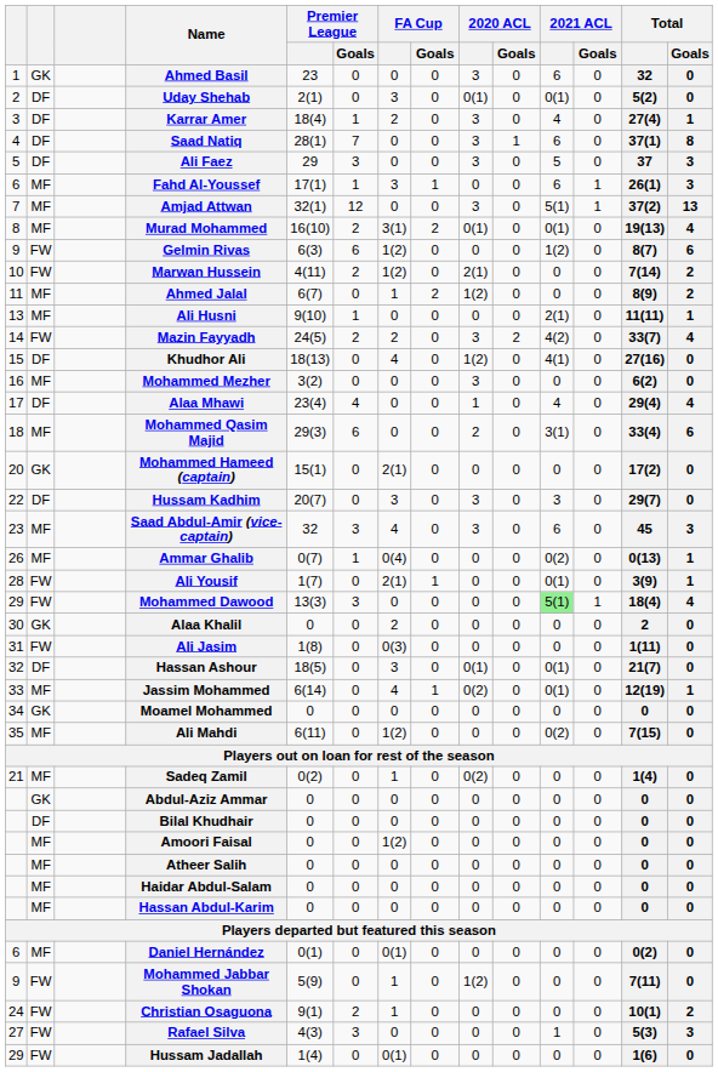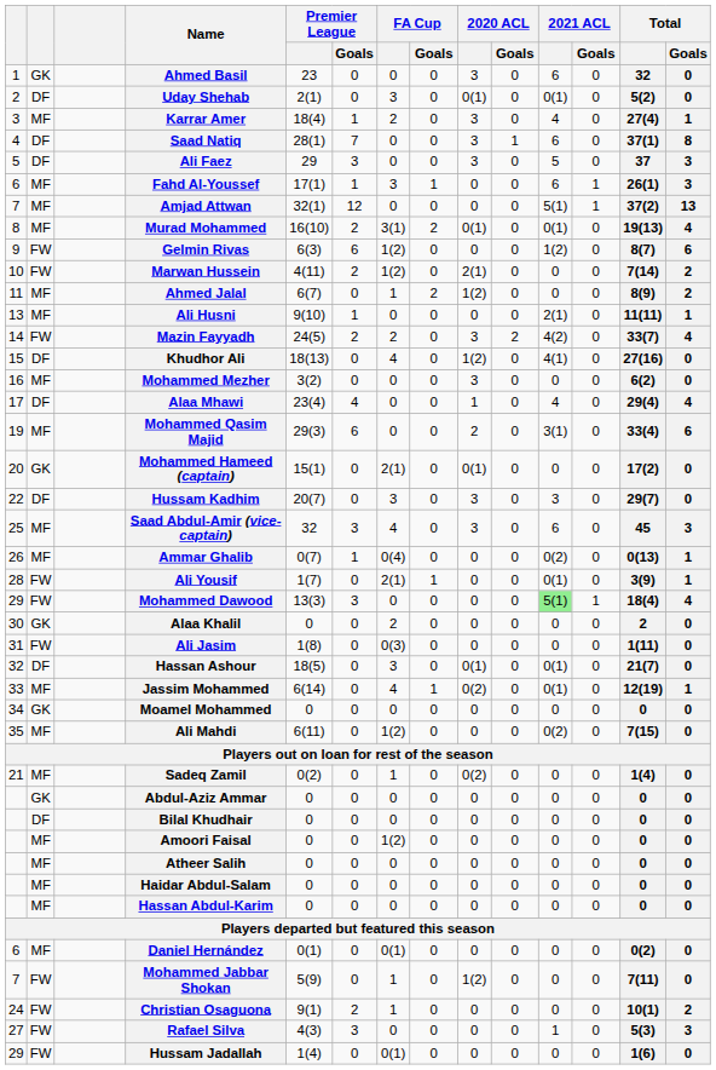 <table class="wikitable sortable plainrowheaders" style="text-align:center">
 <tr>
 <th rowspan="2"></th>
 <th rowspan="2"></th>
 <th rowspan="2" style="width:75px;"></th>
 <th rowspan="2" style="width:180px;">Name</th>
 <th colspan="2" style="width:87px;"><a href='#'>Premier League</a></th>
 <th colspan="2" style="width:87px;"><a href='#'>FA Cup</a></th>
 <th colspan="2" style="width:87px;"><a href='#'>2020 ACL</a></th>
 <th colspan="2" style="width:87px;"><a href='#'>2021 ACL</a></th>
 <th colspan="2" style="width:87px;">Total</th>
 </tr>
 <tr>
 <th></th>
 <th>Goals</th>
 <th></th>
 <th>Goals</th>
 <th></th>
 <th>Goals</th>
 <th></th>
 <th>Goals</th>
 <th></th>
 <th>Goals</th>
 </tr>
 <tr>
 <td>1</td>
 <td>GK</td>
 <td></td>
 <th scope="row"><a href='#'>Ahmed Basil</a><br></th>
 <td>23</td>
 <td>0<br></td>
 <td>0</td>
 <td>0<br></td>
 <td>3</td>
 <td>0<br></td>
 <td>6</td>
 <td>0<br></td>
 <th>32</th>
 <th>0</th>
 </tr>
 <tr>
 <td>2</td>
 <td>DF</td>
 <td></td>
 <th scope="row"><a href='#'>Uday Shehab</a><br></th>
 <td>2(1)</td>
 <td>0<br></td>
 <td>3</td>
 <td>0<br></td>
 <td>0(1)</td>
 <td>0<br></td>
 <td>0(1)</td>
 <td>0<br></td>
 <th>5(2)</th>
 <th>0</th>
 </tr>
 <tr>
 <td>3</td>
-<td>DF</td>
+<td>MF</td>
 <td></td>
 <th scope="row"><a href='#'>Karrar Amer</a><br></th>
 <td>18(4)</td>
 <td>1<br></td>
 <td>2</td>
 <td>0<br></td>
 <td>3</td>
 <td>0<br></td>
 <td>4</td>
 <td>0<br></td>
 <th>27(4)</th>
 <th>1</th>
 </tr>
 <tr>
 <td>4</td>
 <td>DF</td>
 <td></td>
 <th scope="row"><a href='#'>Saad Natiq</a><br></th>
 <td>28(1)</td>
 <td>7<br></td>
 <td>0</td>
 <td>0<br></td>
 <td>3</td>
 <td>1<br></td>
 <td>6</td>
 <td>0<br></td>
 <th>37(1)</th>
 <th>8</th>
 </tr>
 <tr>
 <td>5</td>
 <td>DF</td>
 <td></td>
 <th scope="row"><a href='#'>Ali Faez</a><br></th>
 <td>29</td>
 <td>3<br></td>
 <td>0</td>
 <td>0<br></td>
 <td>3</td>
 <td>0<br></td>
 <td>5</td>
 <td>0<br></td>
 <th>37</th>
 <th>3</th>
 </tr>
 <tr>
 <td>6</td>
 <td>MF</td>
 <td></td>
 <th scope="row"><a href='#'>Fahd Al-Youssef</a><br></th>
 <td>17(1)</td>
 <td>1<br></td>
 <td>3</td>
 <td>1<br></td>
 <td>0</td>
 <td>0<br></td>
 <td>6</td>
 <td>1<br></td>
 <th>26(1)</th>
 <th>3</th>
 </tr>
 <tr>
 <td>7</td>
 <td>MF</td>
 <td></td>
 <th scope="row"><a href='#'>Amjad Attwan</a><br></th>
 <td>32(1)</td>
 <td>12<br></td>
 <td>0</td>
 <td>0<br></td>
-<td>3</td>
+<td>0</td>
 <td>0<br></td>
 <td>5(1)</td>
 <td>1<br></td>
 <th>37(2)</th>
 <th>13</th>
 </tr>
 <tr>
 <td>8</td>
 <td>MF</td>
 <td></td>
 <th scope="row"><a href='#'>Murad Mohammed</a><br></th>
 <td>16(10)</td>
 <td>2<br></td>
 <td>3(1)</td>
 <td>2<br></td>
 <td>0(1)</td>
 <td>0<br></td>
 <td>0(1)</td>
 <td>0<br></td>
 <th>19(13)</th>
 <th>4</th>
 </tr>
 <tr>
 <td>9</td>
 <td>FW</td>
 <td></td>
 <th scope="row"><a href='#'>Gelmin Rivas</a><br></th>
 <td>6(3)</td>
 <td>6<br></td>
 <td>1(2)</td>
 <td>0<br></td>
 <td>0</td>
 <td>0<br></td>
 <td>1(2)</td>
 <td>0<br></td>
 <th>8(7)</th>
 <th>6</th>
 </tr>
 <tr>
 <td>10</td>
 <td>FW</td>
 <td></td>
 <th scope="row"><a href='#'>Marwan Hussein</a><br></th>
 <td>4(11)</td>
 <td>2<br></td>
 <td>1(2)</td>
 <td>0<br></td>
 <td>2(1)</td>
 <td>0<br></td>
 <td>0</td>
 <td>0<br></td>
 <th>7(14)</th>
 <th>2</th>
 </tr>
 <tr>
 <td>11</td>
 <td>MF</td>
 <td></td>
 <th scope="row"><a href='#'>Ahmed Jalal</a><br></th>
 <td>6(7)</td>
 <td>0<br></td>
 <td>1</td>
 <td>2<br></td>
 <td>1(2)</td>
 <td>0<br></td>
 <td>0</td>
 <td>0<br></td>
 <th>8(9)</th>
 <th>2<br>     </th>
 </tr>
 <tr>
 <td>13</td>
 <td>MF</td>
 <td></td>
 <th scope="row"><a href='#'>Ali Husni</a><br></th>
 <td>9(10)</td>
 <td>1<br></td>
 <td>0</td>
 <td>0<br></td>
 <td>0</td>
 <td>0<br></td>
 <td>2(1)</td>
 <td>0<br></td>
 <th>11(11)</th>
 <th>1</th>
 </tr>
 <tr>
 <td>14</td>
 <td>FW</td>
 <td></td>
 <th scope="row"><a href='#'>Mazin Fayyadh</a><br></th>
 <td>24(5)</td>
 <td>2<br></td>
 <td>2</td>
 <td>0<br></td>
 <td>3</td>
 <td>2<br></td>
 <td>4(2)</td>
 <td>0<br></td>
 <th>33(7)</th>
 <th>4</th>
 </tr>
 <tr>
 <td>15</td>
 <td>DF</td>
 <td></td>
 <th scope="row">Khudhor Ali<br></th>
 <td>18(13)</td>
 <td>0<br></td>
 <td>4</td>
 <td>0<br></td>
 <td>1(2)</td>
 <td>0<br></td>
 <td>4(1)</td>
 <td>0<br></td>
 <th>27(16)</th>
 <th>0</th>
 </tr>
 <tr>
 <td>16</td>
 <td>MF</td>
 <td></td>
 <th scope="row"><a href='#'>Mohammed Mezher</a><br></th>
 <td>3(2)</td>
 <td>0<br></td>
 <td>0</td>
 <td>0<br></td>
 <td>3</td>
 <td>0<br></td>
 <td>0</td>
 <td>0<br></td>
 <th>6(2)</th>
 <th>0</th>
 </tr>
 <tr>
 <td>17</td>
 <td>DF</td>
 <td></td>
 <th scope="row"><a href='#'>Alaa Mhawi</a><br></th>
 <td>23(4)</td>
 <td>4<br></td>
 <td>0</td>
 <td>0<br></td>
 <td>1</td>
 <td>0<br></td>
 <td>4</td>
 <td>0<br></td>
 <th>29(4)</th>
 <th>4</th>
 </tr>
 <tr>
-<td>18</td>
+<td>19</td>
 <td>MF</td>
 <td></td>
 <th scope="row"><a href='#'>Mohammed Qasim Majid</a><br></th>
 <td>29(3)</td>
 <td>6<br></td>
 <td>0</td>
 <td>0<br></td>
 <td>2</td>
 <td>0<br></td>
 <td>3(1)</td>
 <td>0<br></td>
 <th>33(4)</th>
 <th>6</th>
 </tr>
 <tr>
 <td>20</td>
 <td>GK</td>
 <td></td>
 <th scope="row"><a href='#'>Mohammed Hameed</a> <em>(<a href='#'>captain</a>)</em><br></th>
 <td>15(1)</td>
 <td>0<br></td>
 <td>2(1)</td>
 <td>0<br></td>
-<td>0</td>
+<td>0(1)</td>
 <td>0<br></td>
 <td>0</td>
 <td>0<br></td>
 <th>17(2)</th>
 <th>0</th>
 </tr>
 <tr>
 <td>22</td>
 <td>DF</td>
 <td></td>
 <th scope="row"><a href='#'>Hussam Kadhim</a><br></th>
 <td>20(7)</td>
 <td>0<br></td>
 <td>3</td>
 <td>0<br></td>
 <td>3</td>
 <td>0<br></td>
 <td>3</td>
 <td>0<br></td>
 <th>29(7)</th>
 <th>0</th>
 </tr>
 <tr>
-<td>23</td>
+<td>25</td>
 <td>MF</td>
 <td></td>
 <th scope="row"><a href='#'>Saad Abdul-Amir</a> <em>(<a href='#'>vice-captain</a>)</em><br></th>
 <td>32</td>
 <td>3<br></td>
 <td>4</td>
 <td>0<br></td>
 <td>3</td>
 <td>0<br></td>
 <td>6</td>
 <td>0<br></td>
 <th>45</th>
 <th>3</th>
 </tr>
 <tr>
 <td>26</td>
 <td>MF</td>
 <td></td>
 <th scope="row"><a href='#'>Ammar Ghalib</a><br></th>
 <td>0(7)</td>
 <td>1<br></td>
 <td>0(4)</td>
 <td>0<br></td>
 <td>0</td>
 <td>0<br></td>
 <td>0(2)</td>
 <td>0<br></td>
 <th>0(13)</th>
 <th>1</th>
 </tr>
 <tr>
 <td>28</td>
 <td>FW</td>
 <td></td>
 <th scope="row"><a href='#'>Ali Yousif</a><br></th>
 <td>1(7)</td>
 <td>0<br></td>
 <td>2(1)</td>
 <td>1<br></td>
 <td>0</td>
 <td>0<br></td>
 <td>0(1)</td>
 <td>0<br></td>
 <th>3(9)</th>
 <th>1</th>
 </tr>
 <tr>
 <td>29</td>
 <td>FW</td>
 <td></td>
 <th scope="row"><a href='#'>Mohammed Dawood</a><br></th>
 <td>13(3)</td>
 <td>3<br></td>
 <td>0</td>
 <td>0<br></td>
 <td>0</td>
 <td>0<br></td>
 <td style="background: lightgreen;">5(1)</td>
 <td>1<br></td>
 <th>18(4)</th>
 <th>4</th>
 </tr>
 <tr>
 <td>30</td>
 <td>GK</td>
 <td></td>
 <th scope="row">Alaa Khalil<br></th>
 <td>0</td>
 <td>0<br></td>
 <td>2</td>
 <td>0<br></td>
 <td>0</td>
 <td>0<br></td>
 <td>0</td>
 <td>0<br></td>
 <th>2</th>
 <th>0</th>
 </tr>
 <tr>
 <td>31</td>
 <td>FW</td>
 <td></td>
 <th scope="row"><a href='#'>Ali Jasim</a><br></th>
 <td>1(8)</td>
 <td>0<br></td>
 <td>0(3)</td>
 <td>0<br></td>
 <td>0</td>
 <td>0<br></td>
 <td>0</td>
 <td>0<br></td>
 <th>1(11)</th>
 <th>0</th>
 </tr>
 <tr>
 <td>32</td>
 <td>DF</td>
 <td></td>
 <th scope="row">Hassan Ashour<br></th>
 <td>18(5)</td>
 <td>0<br></td>
 <td>3</td>
 <td>0<br></td>
 <td>0(1)</td>
 <td>0<br></td>
 <td>0(1)</td>
 <td>0<br></td>
 <th>21(7)</th>
 <th>0</th>
 </tr>
 <tr>
 <td>33</td>
 <td>MF</td>
 <td></td>
 <th scope="row">Jassim Mohammed<br></th>
 <td>6(14)</td>
 <td>0<br></td>
 <td>4</td>
 <td>1<br></td>
 <td>0(2)</td>
 <td>0<br></td>
 <td>0(1)</td>
 <td>0<br></td>
 <th>12(19)</th>
 <th>1</th>
 </tr>
 <tr>
 <td>34</td>
 <td>GK</td>
 <td></td>
 <th scope="row">Moamel Mohammed<br></th>
 <td>0</td>
 <td>0<br></td>
 <td>0</td>
 <td>0<br></td>
 <td>0</td>
 <td>0<br></td>
 <td>0</td>
 <td>0<br></td>
 <th>0</th>
 <th>0</th>
 </tr>
 <tr>
 <td>35</td>
 <td>MF</td>
 <td></td>
 <th scope="row">Ali Mahdi<br></th>
 <td>6(11)</td>
 <td>0<br></td>
 <td>1(2)</td>
 <td>0<br></td>
 <td>0</td>
 <td>0<br></td>
 <td>0(2)</td>
 <td>0<br></td>
 <th>7(15)</th>
 <th>0</th>
 </tr>
 <tr>
 <th colspan="14">Players out on loan for rest of the season</th>
 </tr>
 <tr>
 <td>21</td>
 <td>MF</td>
 <td></td>
 <th scope="row">Sadeq Zamil<br></th>
 <td>0(2)</td>
 <td>0<br></td>
 <td>1</td>
 <td>0<br></td>
 <td>0(2)</td>
 <td>0<br></td>
 <td>0</td>
 <td>0<br></td>
 <th>1(4)</th>
 <th>0</th>
 </tr>
 <tr>
 <td></td>
 <td>GK</td>
 <td></td>
 <th scope="row">Abdul-Aziz Ammar<br></th>
 <td>0</td>
 <td>0<br></td>
 <td>0</td>
 <td>0<br></td>
 <td>0</td>
 <td>0<br></td>
 <td>0</td>
 <td>0<br></td>
 <th>0</th>
 <th>0</th>
 </tr>
 <tr>
 <td></td>
 <td>DF</td>
 <td></td>
 <th scope="row">Bilal Khudhair<br></th>
 <td>0</td>
 <td>0<br></td>
 <td>0</td>
 <td>0<br></td>
 <td>0</td>
 <td>0<br></td>
 <td>0</td>
 <td>0<br></td>
 <th>0</th>
 <th>0</th>
 </tr>
 <tr>
 <td></td>
 <td>MF</td>
 <td></td>
 <th scope="row">Amoori Faisal<br></th>
 <td>0</td>
 <td>0<br></td>
 <td>1(2)</td>
 <td>0<br></td>
 <td>0</td>
 <td>0<br></td>
 <td>0</td>
 <td>0<br></td>
 <th>0</th>
 <th>0</th>
 </tr>
 <tr>
 <td></td>
 <td>MF</td>
 <td></td>
 <th scope="row">Atheer Salih<br></th>
 <td>0</td>
 <td>0<br></td>
 <td>0</td>
 <td>0<br></td>
 <td>0</td>
 <td>0<br></td>
 <td>0</td>
 <td>0<br></td>
 <th>0</th>
 <th>0</th>
 </tr>
 <tr>
 <td></td>
 <td>MF</td>
 <td></td>
 <th scope="row">Haidar Abdul-Salam<br></th>
 <td>0</td>
 <td>0<br></td>
 <td>0</td>
 <td>0<br></td>
 <td>0</td>
 <td>0<br></td>
 <td>0</td>
 <td>0<br></td>
 <th>0</th>
 <th>0</th>
 </tr>
 <tr>
 <td></td>
 <td>MF</td>
 <td></td>
 <th scope="row"><a href='#'>Hassan Abdul-Karim</a><br></th>
 <td>0</td>
 <td>0<br></td>
 <td>0</td>
 <td>0<br></td>
 <td>0</td>
 <td>0<br></td>
 <td>0</td>
 <td>0<br></td>
 <th>0</th>
 <th>0</th>
 </tr>
 <tr>
 <th colspan="16">Players departed but featured this season</th>
 </tr>
 <tr>
 <td>6</td>
 <td>MF</td>
 <td></td>
 <th scope="row"><a href='#'>Daniel Hernández</a><br></th>
 <td>0(1)</td>
 <td>0<br></td>
 <td>0(1)</td>
 <td>0<br></td>
 <td>0</td>
 <td>0<br></td>
 <td>0</td>
 <td>0<br></td>
 <th>0(2)</th>
 <th>0</th>
 </tr>
 <tr>
-<td>9</td>
+<td>7</td>
 <td>FW</td>
 <td></td>
 <th scope="row"><a href='#'>Mohammed Jabbar Shokan</a><br></th>
 <td>5(9)</td>
 <td>0<br></td>
 <td>1</td>
 <td>0<br></td>
 <td>1(2)</td>
 <td>0<br></td>
 <td>0</td>
 <td>0<br></td>
 <th>7(11)</th>
 <th>0</th>
 </tr>
 <tr>
 <td>24</td>
 <td>FW</td>
 <td></td>
 <th scope="row"><a href='#'>Christian Osaguona</a><br></th>
 <td>9(1)</td>
 <td>2<br></td>
 <td>1</td>
 <td>0<br></td>
 <td>0</td>
 <td>0<br></td>
 <td>0</td>
 <td>0<br></td>
 <th>10(1)</th>
 <th>2</th>
 </tr>
 <tr>
 <td>27</td>
 <td>FW</td>
 <td></td>
 <th scope="row"><a href='#'>Rafael Silva</a><br></th>
 <td>4(3)</td>
 <td>3<br></td>
 <td>0</td>
 <td>0<br></td>
 <td>0</td>
 <td>0<br></td>
 <td>1</td>
 <td>0<br></td>
 <th>5(3)</th>
 <th>3</th>
 </tr>
 <tr>
 <td>29</td>
 <td>FW</td>
 <td></td>
 <th scope="row">Hussam Jadallah<br></th>
 <td>1(4)</td>
 <td>0<br></td>
 <td>0(1)</td>
 <td>0<br></td>
 <td>0</td>
 <td>0<br></td>
 <td>0</td>
 <td>0<br></td>
 <th>1(6)</th>
 <th>0</th>
 </tr>
 </table>
